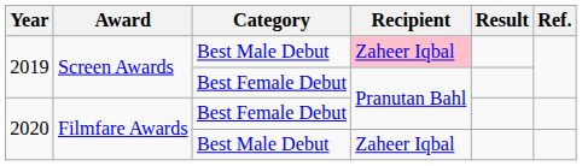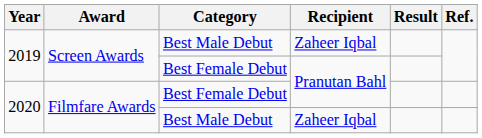 <table class="wikitable">
 <tr>
 <th>Year</th>
 <th>Award</th>
 <th>Category</th>
 <th>Recipient</th>
 <th>Result</th>
 <th>Ref.</th>
 </tr>
 <tr>
 <td rowspan="2">2019</td>
 <td rowspan="2"><a href='#'>Screen Awards</a></td>
 <td><a href='#'>Best Male Debut</a></td>
-<td style="background: pink;"><a href='#'>Zaheer Iqbal</a></td>
+<td><a href='#'>Zaheer Iqbal</a></td>
 <td></td>
 <td rowspan="2"></td>
 </tr>
 <tr>
 <td><a href='#'>Best Female Debut</a></td>
 <td rowspan="2"><a href='#'>Pranutan Bahl</a></td>
 <td></td>
 </tr>
 <tr>
 <td rowspan="2">2020</td>
 <td rowspan="2"><a href='#'>Filmfare Awards</a></td>
 <td><a href='#'>Best Female Debut</a></td>
 <td></td>
 <td></td>
 </tr>
 <tr>
 <td><a href='#'>Best Male Debut</a></td>
 <td rowspan="3"><a href='#'>Zaheer Iqbal</a></td>
 <td></td>
 <td></td>
 </tr>
 </table>
